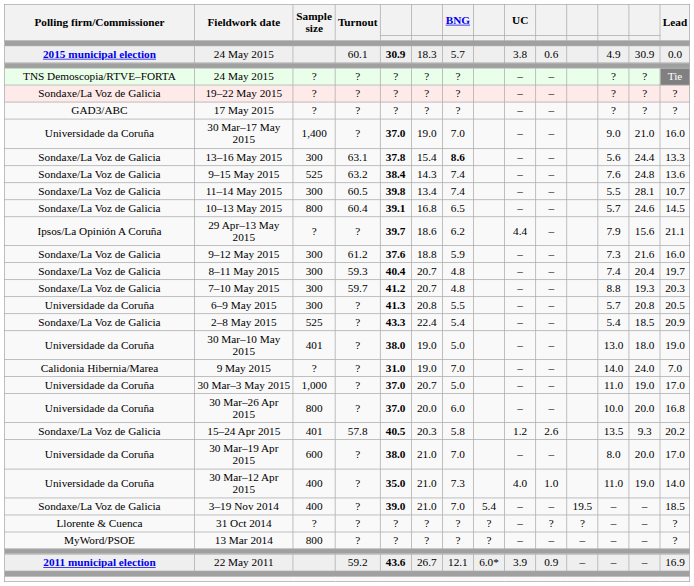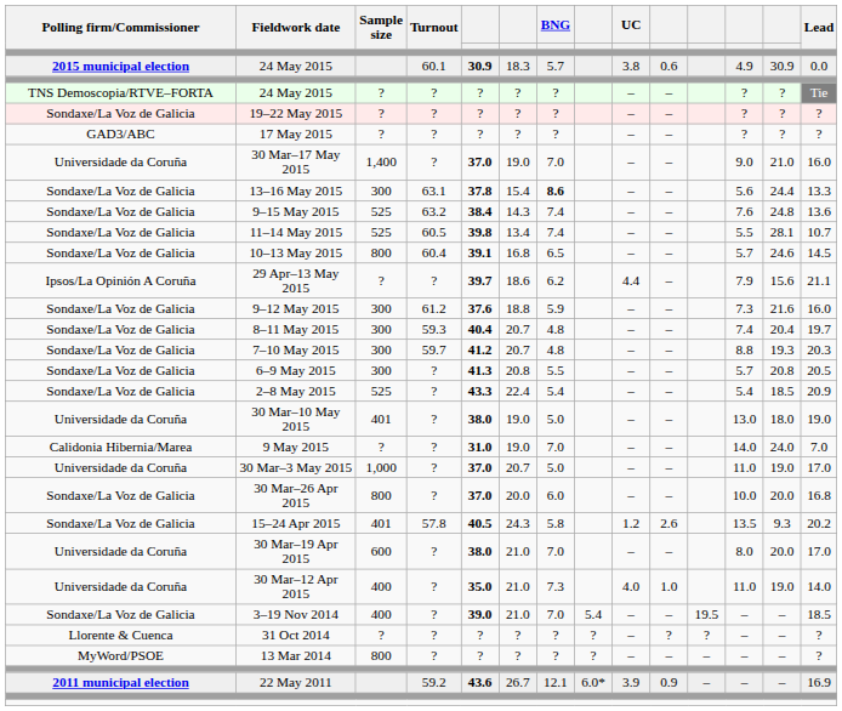 <table class="wikitable collapsible collapsed" style="text-align:center; font-size:95%; line-height:16px;">
 <tr style="height:42px;">
 <th style="width:250px;" rowspan="2">Polling firm/Commissioner</th>
 <th style="width:126px;" rowspan="2">Fieldwork date</th>
 <th style="width:50px;" rowspan="2">Sample size</th>
 <th style="width:45px;" rowspan="2">Turnout</th>
 <th style="width:35px;"></th>
 <th style="width:35px;"></th>
 <th style="width:35px;"><a href='#'>BNG</a></th>
 <th style="width:35px;"></th>
 <th style="width:35px;">UC</th>
 <th style="width:35px;"></th>
 <th style="width:35px;"></th>
 <th style="width:35px;"></th>
 <th style="width:35px;"></th>
 <th style="width:30px;" rowspan="2">Lead</th>
 </tr>
 <tr>
 <th style="color:inherit;background:"></th>
 <th style="color:inherit;background:"></th>
 <th style="color:inherit;background:"></th>
 <th style="color:inherit;background:"></th>
 <th style="color:inherit;background:"></th>
 <th style="color:inherit;background:"></th>
 <th style="color:inherit;background:"></th>
 <th style="color:inherit;background:"></th>
 <th style="color:inherit;background:"></th>
 </tr>
 <tr>
 <td colspan="14" style="background:#A0A0A0"></td>
 </tr>
 <tr style="background:#EFEFEF;">
 <td><strong><a href='#'>2015 municipal election</a></strong></td>
 <td>24 May 2015</td>
 <td></td>
 <td>60.1</td>
 <td><strong>30.9</strong><br></td>
 <td>18.3<br></td>
 <td>5.7<br></td>
 <td></td>
 <td>3.8<br></td>
 <td>0.6<br></td>
 <td></td>
 <td>4.9<br></td>
 <td>30.9<br></td>
 <td style="background:">0.0</td>
 </tr>
 <tr>
 <td colspan="14" style="background:#A0A0A0"></td>
 </tr>
 <tr style="background:#EAFFEA;">
 <td>TNS Demoscopia/RTVE–FORTA</td>
 <td>24 May 2015</td>
 <td>?</td>
 <td>?</td>
 <td>?<br></td>
 <td>?<br></td>
 <td>?<br></td>
 <td></td>
 <td>–</td>
 <td>–</td>
 <td></td>
 <td>?<br></td>
 <td>?<br></td>
 <td style="background:gray;color:white;">Tie</td>
 </tr>
 <tr style="background:#FFEAEA;">
 <td>Sondaxe/La Voz de Galicia</td>
 <td>19–22 May 2015</td>
 <td>?</td>
 <td>?</td>
 <td>?<br></td>
 <td>?<br></td>
 <td>?<br></td>
 <td></td>
 <td>–</td>
 <td>–</td>
 <td></td>
 <td>?<br></td>
 <td>?<br></td>
 <td style="background:">?</td>
 </tr>
 <tr>
 <td>GAD3/ABC</td>
 <td>17 May 2015</td>
 <td>?</td>
 <td>?</td>
 <td>?<br></td>
 <td>?<br></td>
 <td>?<br></td>
 <td></td>
 <td>–</td>
 <td>–</td>
 <td></td>
 <td>?<br></td>
 <td>?<br></td>
 <td style="background:">?</td>
 </tr>
 <tr>
 <td>Universidade da Coruña</td>
 <td>30 Mar–17 May 2015</td>
 <td>1,400</td>
 <td>?</td>
 <td><strong>37.0</strong><br></td>
 <td>19.0<br></td>
 <td>7.0<br></td>
 <td></td>
 <td>–</td>
 <td>–</td>
 <td></td>
 <td>9.0<br></td>
 <td>21.0<br></td>
 <td style="background:">16.0</td>
 </tr>
 <tr>
 <td>Sondaxe/La Voz de Galicia</td>
 <td>13–16 May 2015</td>
 <td>300</td>
 <td>63.1</td>
 <td><strong>37.8</strong><br></td>
 <td>15.4<br></td>
 <td><strong>8.6<br></strong></td>
 <td></td>
 <td>–</td>
 <td>–</td>
 <td></td>
 <td>5.6<br></td>
 <td>24.4<br></td>
 <td style="background:">13.3</td>
 </tr>
 <tr>
 <td>Sondaxe/La Voz de Galicia</td>
 <td>9–15 May 2015</td>
 <td>525</td>
 <td>63.2</td>
 <td><strong>38.4</strong><br></td>
 <td>14.3<br></td>
 <td>7.4<br></td>
 <td></td>
 <td>–</td>
 <td>–</td>
 <td></td>
 <td>7.6<br></td>
 <td>24.8<br></td>
 <td style="background:">13.6</td>
 </tr>
 <tr>
 <td>Sondaxe/La Voz de Galicia</td>
 <td>11–14 May 2015</td>
-<td>300</td>
+<td>525</td>
 <td>60.5</td>
 <td><strong>39.8</strong><br></td>
 <td>13.4<br></td>
 <td>7.4<br></td>
 <td></td>
 <td>–</td>
 <td>–</td>
 <td></td>
 <td>5.5<br></td>
 <td>28.1<br></td>
 <td style="background:">10.7</td>
 </tr>
 <tr>
 <td>Sondaxe/La Voz de Galicia</td>
 <td>10–13 May 2015</td>
 <td>800</td>
 <td>60.4</td>
 <td><strong>39.1</strong><br></td>
 <td>16.8<br></td>
 <td>6.5<br></td>
 <td></td>
 <td>–</td>
 <td>–</td>
 <td></td>
 <td>5.7<br></td>
 <td>24.6<br></td>
 <td style="background:">14.5</td>
 </tr>
 <tr>
 <td>Ipsos/La Opinión A Coruña</td>
 <td>29 Apr–13 May 2015</td>
 <td>?</td>
 <td>?</td>
 <td><strong>39.7</strong><br></td>
 <td>18.6<br></td>
 <td>6.2<br></td>
 <td></td>
 <td>4.4<br></td>
 <td>–</td>
 <td></td>
 <td>7.9<br></td>
 <td>15.6<br></td>
 <td style="background:">21.1</td>
 </tr>
 <tr>
 <td>Sondaxe/La Voz de Galicia</td>
 <td>9–12 May 2015</td>
 <td>300</td>
 <td>61.2</td>
 <td><strong>37.6</strong><br></td>
 <td>18.8<br></td>
 <td>5.9<br></td>
 <td></td>
 <td>–</td>
 <td>–</td>
 <td></td>
 <td>7.3<br></td>
 <td>21.6<br></td>
 <td style="background:">16.0</td>
 </tr>
 <tr>
 <td>Sondaxe/La Voz de Galicia</td>
 <td>8–11 May 2015</td>
 <td>300</td>
 <td>59.3</td>
 <td><strong>40.4</strong><br></td>
 <td>20.7<br></td>
 <td>4.8<br></td>
 <td></td>
 <td>–</td>
 <td>–</td>
 <td></td>
 <td>7.4<br></td>
 <td>20.4<br></td>
 <td style="background:">19.7</td>
 </tr>
 <tr>
 <td>Sondaxe/La Voz de Galicia</td>
 <td>7–10 May 2015</td>
 <td>300</td>
 <td>59.7</td>
 <td><strong>41.2</strong><br></td>
 <td>20.7<br></td>
 <td>4.8<br></td>
 <td></td>
 <td>–</td>
 <td>–</td>
 <td></td>
 <td>8.8<br></td>
 <td>19.3<br></td>
 <td style="background:">20.3</td>
 </tr>
 <tr>
-<td>Universidade da Coruña</td>
+<td>Sondaxe/La Voz de Galicia</td>
 <td>6–9 May 2015</td>
 <td>300</td>
 <td>?</td>
 <td><strong>41.3</strong><br></td>
 <td>20.8<br></td>
 <td>5.5<br></td>
 <td></td>
 <td>–</td>
 <td>–</td>
 <td></td>
 <td>5.7<br></td>
 <td>20.8<br></td>
 <td style="background:">20.5</td>
 </tr>
 <tr>
 <td>Sondaxe/La Voz de Galicia</td>
 <td>2–8 May 2015</td>
 <td>525</td>
 <td>?</td>
 <td><strong>43.3</strong><br></td>
 <td>22.4<br></td>
 <td>5.4<br></td>
 <td></td>
 <td>–</td>
 <td>–</td>
 <td></td>
 <td>5.4<br></td>
 <td>18.5<br></td>
 <td style="background:">20.9</td>
 </tr>
 <tr>
 <td>Universidade da Coruña</td>
 <td>30 Mar–10 May 2015</td>
 <td>401</td>
 <td>?</td>
 <td><strong>38.0</strong><br></td>
 <td>19.0<br></td>
 <td>5.0<br></td>
 <td></td>
 <td>–</td>
 <td>–</td>
 <td></td>
 <td>13.0<br></td>
 <td>18.0<br></td>
 <td style="background:">19.0</td>
 </tr>
 <tr>
 <td>Calidonia Hibernia/Marea</td>
 <td>9 May 2015</td>
 <td>?</td>
 <td>?</td>
 <td><strong>31.0</strong><br></td>
 <td>19.0<br></td>
 <td>7.0<br></td>
 <td></td>
 <td>–</td>
 <td>–</td>
 <td></td>
 <td>14.0<br></td>
 <td>24.0<br></td>
 <td style="background:">7.0</td>
 </tr>
 <tr>
 <td>Universidade da Coruña</td>
 <td>30 Mar–3 May 2015</td>
 <td>1,000</td>
 <td>?</td>
 <td><strong>37.0</strong><br></td>
 <td>20.7<br></td>
 <td>5.0<br></td>
 <td></td>
 <td>–</td>
 <td>–</td>
 <td></td>
 <td>11.0<br></td>
 <td>19.0<br></td>
 <td style="background:">17.0</td>
 </tr>
 <tr>
-<td>Universidade da Coruña</td>
+<td>Sondaxe/La Voz de Galicia</td>
 <td>30 Mar–26 Apr 2015</td>
 <td>800</td>
 <td>?</td>
 <td><strong>37.0</strong><br></td>
 <td>20.0<br></td>
 <td>6.0<br></td>
 <td></td>
 <td>–</td>
 <td>–</td>
 <td></td>
 <td>10.0<br></td>
 <td>20.0<br></td>
 <td style="background:">16.8</td>
 </tr>
 <tr>
 <td>Sondaxe/La Voz de Galicia</td>
 <td>15–24 Apr 2015</td>
 <td>401</td>
 <td>57.8</td>
 <td><strong>40.5</strong><br></td>
-<td>20.3<br></td>
+<td>24.3<br></td>
 <td>5.8<br></td>
 <td></td>
 <td>1.2<br></td>
 <td>2.6<br></td>
 <td></td>
 <td>13.5<br></td>
 <td>9.3<br></td>
 <td style="background:">20.2</td>
 </tr>
 <tr>
 <td>Universidade da Coruña</td>
 <td>30 Mar–19 Apr 2015</td>
 <td>600</td>
 <td>?</td>
 <td><strong>38.0</strong><br></td>
 <td>21.0<br></td>
 <td>7.0<br></td>
 <td></td>
 <td>–</td>
 <td>–</td>
 <td></td>
 <td>8.0<br></td>
 <td>20.0<br></td>
 <td style="background:">17.0</td>
 </tr>
 <tr>
 <td>Universidade da Coruña</td>
 <td>30 Mar–12 Apr 2015</td>
 <td>400</td>
 <td>?</td>
 <td><strong>35.0</strong><br></td>
 <td>21.0<br></td>
 <td>7.3<br></td>
 <td></td>
 <td>4.0<br></td>
 <td>1.0<br></td>
 <td></td>
 <td>11.0<br></td>
 <td>19.0<br></td>
 <td style="background:">14.0</td>
 </tr>
 <tr>
 <td>Sondaxe/La Voz de Galicia</td>
 <td>3–19 Nov 2014</td>
 <td>400</td>
 <td>?</td>
 <td><strong>39.0</strong><br></td>
 <td>21.0<br></td>
 <td>7.0<br></td>
 <td>5.4<br></td>
 <td>–</td>
 <td>–</td>
 <td>19.5<br></td>
 <td>–</td>
 <td>–</td>
 <td style="background:">18.5</td>
 </tr>
 <tr>
 <td>Llorente & Cuenca</td>
 <td>31 Oct 2014</td>
 <td>?</td>
 <td>?</td>
 <td>?<br></td>
 <td>?<br></td>
 <td>?<br></td>
 <td>?<br></td>
 <td>–</td>
 <td>?<br></td>
 <td>?<br></td>
 <td>–</td>
 <td>–</td>
 <td style="background:">?</td>
 </tr>
 <tr>
 <td>MyWord/PSOE</td>
 <td>13 Mar 2014</td>
 <td>800</td>
 <td>?</td>
 <td>?<br></td>
 <td>?<br></td>
 <td>?<br></td>
 <td>?<br></td>
 <td>–</td>
 <td>–</td>
 <td>–</td>
 <td>–</td>
 <td>–</td>
 <td style="background:">?</td>
 </tr>
 <tr>
 <td colspan="14" style="background:#A0A0A0"></td>
 </tr>
 <tr style="background:#EFEFEF;">
 <td><strong><a href='#'>2011 municipal election</a></strong></td>
 <td>22 May 2011</td>
 <td></td>
 <td>59.2</td>
 <td><strong>43.6</strong><br></td>
 <td>26.7<br></td>
 <td>12.1<br></td>
 <td>6.0*<br></td>
 <td>3.9<br></td>
 <td>0.9<br></td>
 <td>–</td>
 <td>–</td>
 <td>–</td>
 <td style="background:">16.9</td>
 </tr>
 <tr>
 <td colspan="14" style="background:#A0A0A0"></td>
 </tr>
 <tr>
 <td align="left" colspan="14"></td>
 </tr>
 </table>
